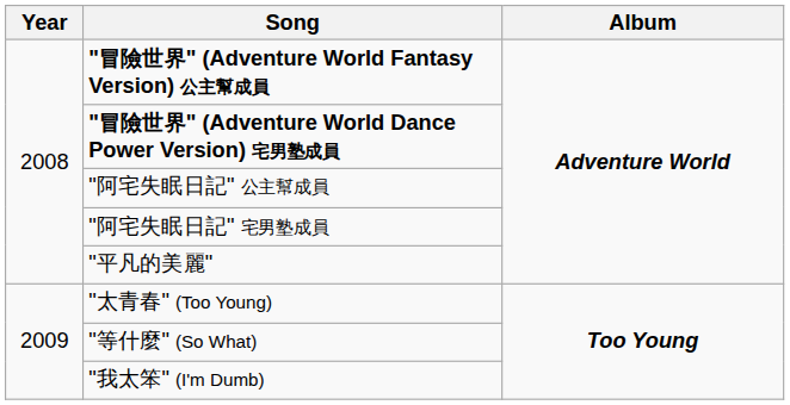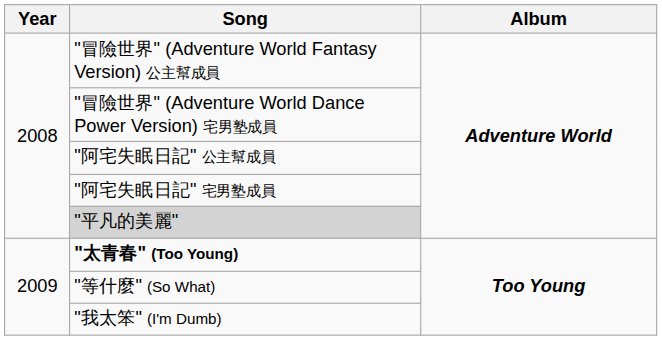 <table class="wikitable">
 <tr>
 <th style="width:50px;">Year</th>
 <th style="width:300px;">Song</th>
 <th style="width:200px;">Album</th>
 </tr>
 <tr>
 <td rowspan=5 style="text-align:center">2008</td>
-<td><strong>"冒險世界" (Adventure World Fantasy Version) <small> 公主幫成員 </small></strong></td>
+<td>"冒險世界" (Adventure World Fantasy Version) <small> 公主幫成員 </small></td>
 <td rowspan=5 style="text-align:center"><strong><em>Adventure World</em></strong></td>
 </tr>
 <tr>
-<td><strong>"冒險世界" (Adventure World Dance Power Version) <small> 宅男塾成員 </small></strong></td>
+<td>"冒險世界" (Adventure World Dance Power Version) <small> 宅男塾成員 </small></td>
 </tr>
 <tr>
 <td>"阿宅失眠日記" <small> 公主幫成員 </small></td>
 </tr>
 <tr>
 <td>"阿宅失眠日記" <small> 宅男塾成員 </small></td>
 </tr>
 <tr>
-<td>"平凡的美麗"</td>
+<td style="background: lightgrey;">"平凡的美麗"</td>
 </tr>
 <tr>
 <td rowspan=3 style="text-align:center">2009</td>
-<td>"太青春" <small> (Too Young) </small></td>
+<td><strong>"太青春" <small> (Too Young) </small></strong></td>
 <td rowspan=3 style="text-align:center"><strong><em>Too Young</em></strong></td>
 </tr>
 <tr>
 <td>"等什麼" <small> (So What) </small></td>
 </tr>
 <tr>
 <td>"我太笨" <small> (I'm Dumb) </small></td>
 </tr>
 </table>
